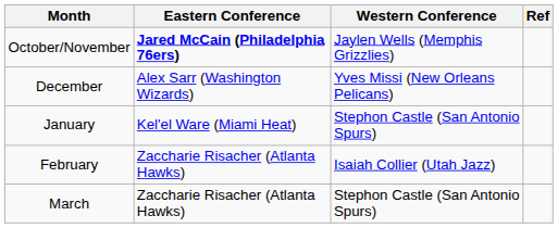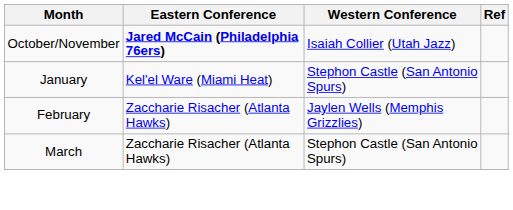 <table class="wikitable sortable" style="text-align:left;">
 <tr>
 <th>Month</th>
 <th>Eastern Conference</th>
 <th>Western Conference</th>
 <th class=unsortable>Ref</th>
 </tr>
 <tr>
 <td style="text-align:center;">October/November</td>
 <td><strong><a href='#'>Jared McCain</a> (<a href='#'>Philadelphia 76ers</a>) </strong></td>
-<td><a href='#'>Jaylen Wells</a> (<a href='#'>Memphis Grizzlies</a>) </td>
-<td style="text-align:center;"></td>
-</tr>
-<tr>
-<td style="text-align:center;">December</td>
-<td><a href='#'>Alex Sarr</a> (<a href='#'>Washington Wizards</a>) </td>
-<td><a href='#'>Yves Missi</a> (<a href='#'>New Orleans Pelicans</a>) </td>
+<td><a href='#'>Isaiah Collier</a> (<a href='#'>Utah Jazz</a>) </td>
 <td style="text-align:center;"></td>
 </tr>
 <tr>
 <td style="text-align:center;">January</td>
 <td><a href='#'>Kel'el Ware</a> (<a href='#'>Miami Heat</a>) </td>
 <td><a href='#'>Stephon Castle</a> (<a href='#'>San Antonio Spurs</a>) </td>
 <td style="text-align:center;"></td>
 </tr>
 <tr>
 <td style="text-align:center;">February</td>
 <td><a href='#'>Zaccharie Risacher</a> (<a href='#'>Atlanta Hawks</a>) </td>
-<td><a href='#'>Isaiah Collier</a> (<a href='#'>Utah Jazz</a>) </td>
+<td><a href='#'>Jaylen Wells</a> (<a href='#'>Memphis Grizzlies</a>) </td>
 <td style="text-align:center;"></td>
 </tr>
 <tr>
 <td style="text-align:center;'">March</td>
 <td>Zaccharie Risacher (Atlanta Hawks) </td>
 <td>Stephon Castle (San Antonio Spurs) </td>
 <td style="text-align:center;"></td>
 </tr>
 </table>
